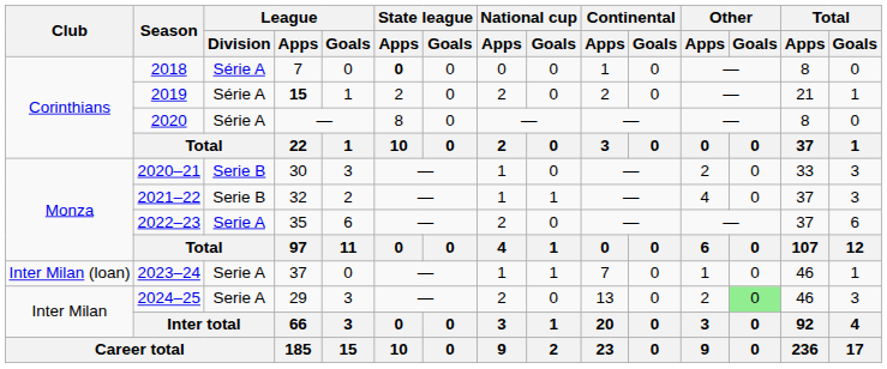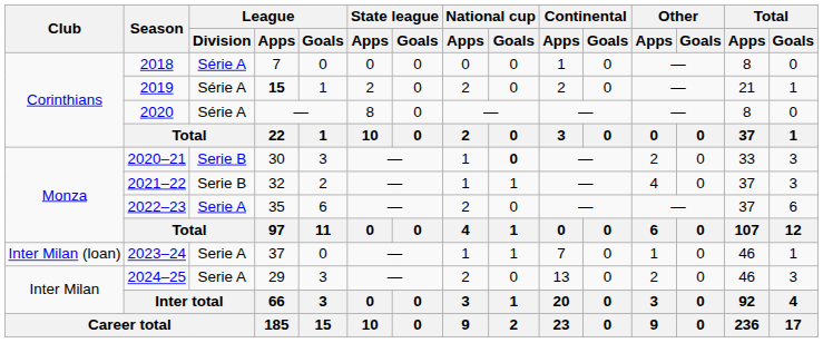 <table class="wikitable" style="text-align:center">
 <tr>
 <th rowspan="2">Club</th>
 <th rowspan="2">Season</th>
 <th colspan="3">League</th>
 <th colspan="2">State league</th>
 <th colspan="2">National cup</th>
 <th colspan="2">Continental</th>
 <th colspan="2">Other</th>
 <th colspan="2">Total</th>
 </tr>
 <tr>
 <th>Division</th>
 <th>Apps</th>
 <th>Goals</th>
 <th>Apps</th>
 <th>Goals</th>
 <th>Apps</th>
 <th>Goals</th>
 <th>Apps</th>
 <th>Goals</th>
 <th>Apps</th>
 <th>Goals</th>
 <th>Apps</th>
 <th>Goals</th>
 </tr>
 <tr>
 <td rowspan="4"><a href='#'>Corinthians</a></td>
 <td><a href='#'>2018</a></td>
 <td><a href='#'>Série A</a></td>
 <td>7</td>
 <td>0</td>
-<td><strong>0</strong></td>
+<td>0</td>
 <td>0</td>
 <td>0</td>
 <td>0</td>
 <td>1</td>
 <td>0</td>
 <td colspan="2">—</td>
 <td>8</td>
 <td>0</td>
 </tr>
 <tr>
 <td><a href='#'>2019</a></td>
 <td>Série A</td>
 <td><strong>15</strong></td>
 <td>1</td>
 <td>2</td>
 <td>0</td>
 <td>2</td>
 <td>0</td>
 <td>2</td>
 <td>0</td>
 <td colspan="2">—</td>
 <td>21</td>
 <td>1</td>
 </tr>
 <tr>
 <td><a href='#'>2020</a></td>
 <td>Série A</td>
 <td colspan="2">—</td>
 <td>8</td>
 <td>0</td>
 <td colspan="2">—</td>
 <td colspan="2">—</td>
 <td colspan="2">—</td>
 <td>8</td>
 <td>0</td>
 </tr>
 <tr>
 <th colspan="2">Total</th>
 <th>22</th>
 <th>1</th>
 <th>10</th>
 <th>0</th>
 <th>2</th>
 <th>0</th>
 <th>3</th>
 <th>0</th>
 <th>0</th>
 <th>0</th>
 <th>37</th>
 <th>1</th>
 </tr>
 <tr>
 <td rowspan="4"><a href='#'>Monza</a></td>
 <td><a href='#'>2020–21</a></td>
 <td><a href='#'>Serie B</a></td>
 <td>30</td>
 <td>3</td>
 <td colspan="2">—</td>
 <td>1</td>
-<td>0</td>
+<td><strong>0</strong></td>
 <td colspan="2">—</td>
 <td>2</td>
 <td>0</td>
 <td>33</td>
 <td>3</td>
 </tr>
 <tr>
 <td><a href='#'>2021–22</a></td>
 <td>Serie B</td>
 <td>32</td>
 <td>2</td>
 <td colspan="2">—</td>
 <td>1</td>
 <td>1</td>
 <td colspan="2">—</td>
 <td>4</td>
 <td>0</td>
 <td>37</td>
 <td>3</td>
 </tr>
 <tr>
 <td><a href='#'>2022–23</a></td>
 <td><a href='#'>Serie A</a></td>
 <td>35</td>
 <td>6</td>
 <td colspan="2">—</td>
 <td>2</td>
 <td>0</td>
 <td colspan="2">—</td>
 <td colspan="2">—</td>
 <td>37</td>
 <td>6</td>
 </tr>
 <tr>
 <th colspan="2">Total</th>
 <th>97</th>
 <th>11</th>
 <th>0</th>
 <th>0</th>
 <th>4</th>
 <th>1</th>
 <th>0</th>
 <th>0</th>
 <th>6</th>
 <th>0</th>
 <th>107</th>
 <th>12</th>
 </tr>
 <tr>
 <td><a href='#'>Inter Milan</a> (loan)</td>
 <td><a href='#'>2023–24</a></td>
 <td>Serie A</td>
 <td>37</td>
 <td>0</td>
 <td colspan="2">—</td>
 <td>1</td>
 <td>1</td>
 <td>7</td>
 <td>0</td>
 <td>1</td>
 <td>0</td>
 <td>46</td>
 <td>1</td>
 </tr>
 <tr>
 <td rowspan="2">Inter Milan</td>
 <td><a href='#'>2024–25</a></td>
 <td>Serie A</td>
 <td>29</td>
 <td>3</td>
 <td colspan="2">—</td>
 <td>2</td>
 <td>0</td>
 <td>13</td>
 <td>0</td>
 <td>2</td>
-<td style="background: lightgreen;">0</td>
+<td>0</td>
 <td>46</td>
 <td>3</td>
 </tr>
 <tr>
 <th colspan="2">Inter total</th>
 <th>66</th>
 <th>3</th>
 <th>0</th>
 <th>0</th>
 <th>3</th>
 <th>1</th>
 <th>20</th>
 <th>0</th>
 <th>3</th>
 <th>0</th>
 <th>92</th>
 <th>4</th>
 </tr>
 <tr>
 <th colspan="3">Career total</th>
 <th>185</th>
 <th>15</th>
 <th>10</th>
 <th>0</th>
 <th>9</th>
 <th>2</th>
 <th>23</th>
 <th>0</th>
 <th>9</th>
 <th>0</th>
 <th>236</th>
 <th>17</th>
 </tr>
 </table>
